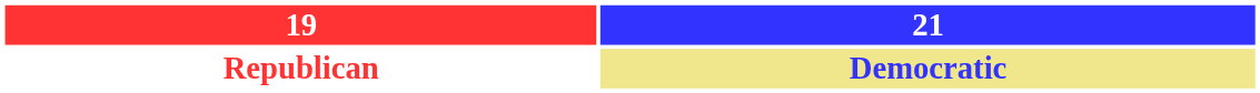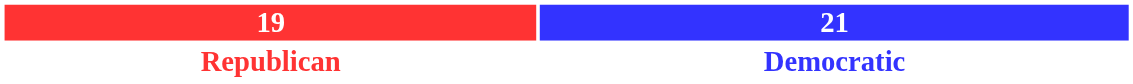 <table style="width:50%">
 <tr>
 <td scope="row" colspan="3" style="text-align:center"></td>
 </tr>
 <tr>
 <td scope="row" style="background:#F33; width:19.0%; text-align:center; color:white"><strong>19</strong></td>
 <td style="background:#33F; width:21.0%; text-align:center; color:white"><strong> 21</strong></td>
 </tr>
 <tr>
 <td scope="row" style="text-align:center; color:#F33"><strong>Republican</strong></td>
-<td style="background: khaki; text-align:center; color:#33F"><strong>Democratic</strong></td>
+<td style="text-align:center; color:#33F"><strong>Democratic</strong></td>
 </tr>
 </table>
